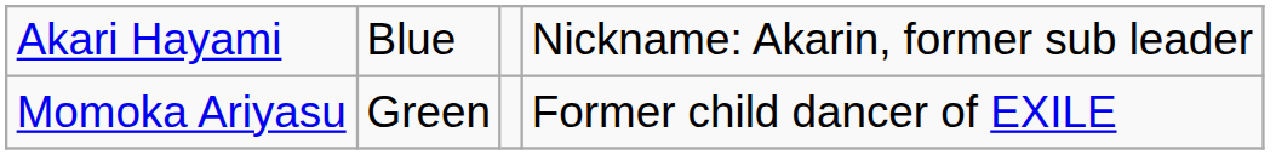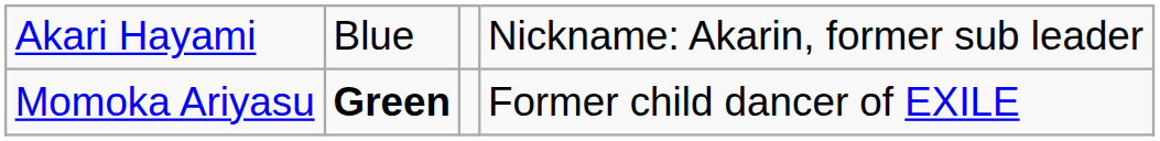 <table class="wikitable" style="text-align:left">
 <tr>
 <td><a href='#'>Akari Hayami</a></td>
 <td> Blue</td>
 <td></td>
 <td>Nickname: Akarin, former sub leader</td>
 </tr>
 <tr>
 <td><a href='#'>Momoka Ariyasu</a></td>
-<td> Green</td>
+<td><strong> Green</strong></td>
 <td></td>
 <td>Former child dancer of <a href='#'>EXILE</a></td>
 </tr>
 </table>
